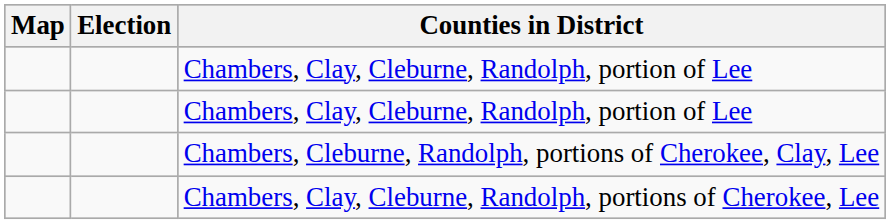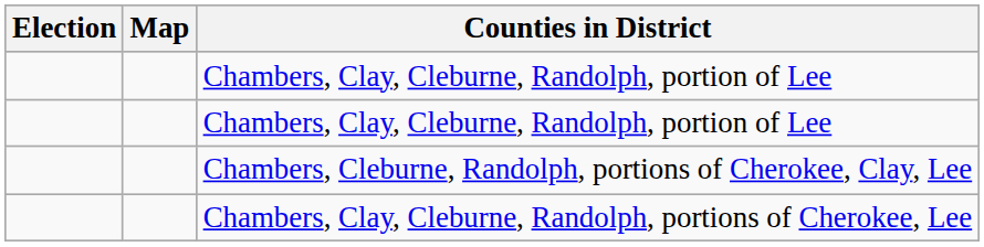 <table class="wikitable">
 <tr>
+<th>Election</th>
 <th>Map</th>
-<th>Election</th>
 <th>Counties in District</th>
 </tr>
 <tr>
 <td></td>
 <td></td>
 <td><a href='#'>Chambers</a>, <a href='#'>Clay</a>, <a href='#'>Cleburne</a>, <a href='#'>Randolph</a>, portion of <a href='#'>Lee</a></td>
 </tr>
 <tr>
 <td></td>
 <td></td>
 <td><a href='#'>Chambers</a>, <a href='#'>Clay</a>, <a href='#'>Cleburne</a>, <a href='#'>Randolph</a>, portion of <a href='#'>Lee</a></td>
 </tr>
 <tr>
 <td></td>
 <td></td>
 <td><a href='#'>Chambers</a>, <a href='#'>Cleburne</a>, <a href='#'>Randolph</a>, portions of <a href='#'>Cherokee</a>, <a href='#'>Clay</a>, <a href='#'>Lee</a></td>
 </tr>
 <tr>
 <td></td>
 <td></td>
 <td><a href='#'>Chambers</a>, <a href='#'>Clay</a>, <a href='#'>Cleburne</a>, <a href='#'>Randolph</a>, portions of <a href='#'>Cherokee</a>, <a href='#'>Lee</a></td>
 </tr>
 </table>
